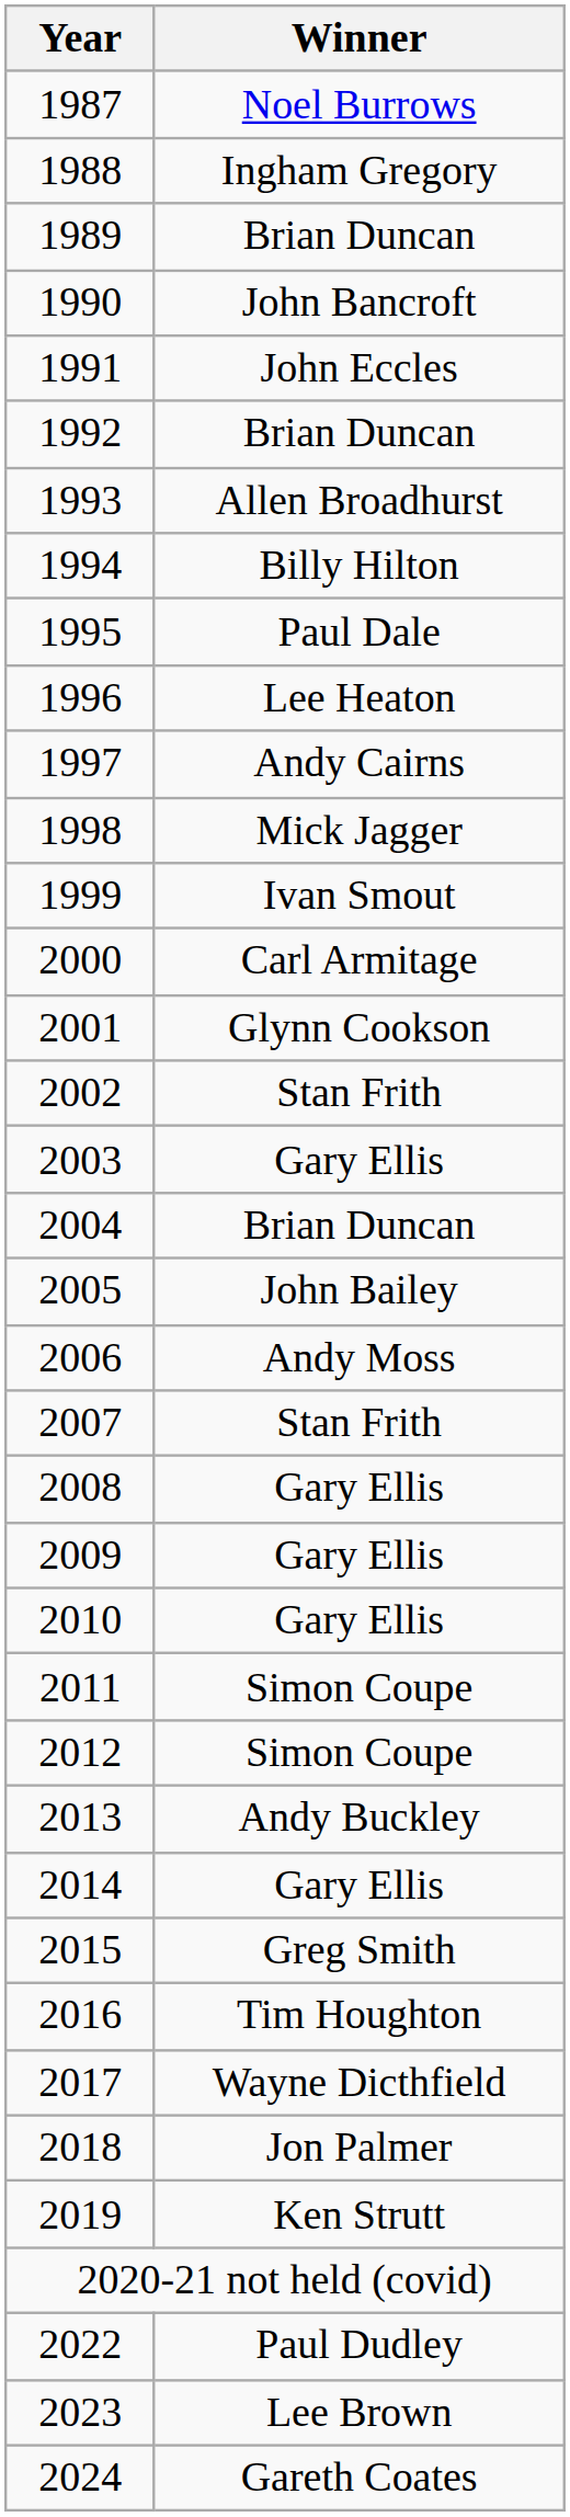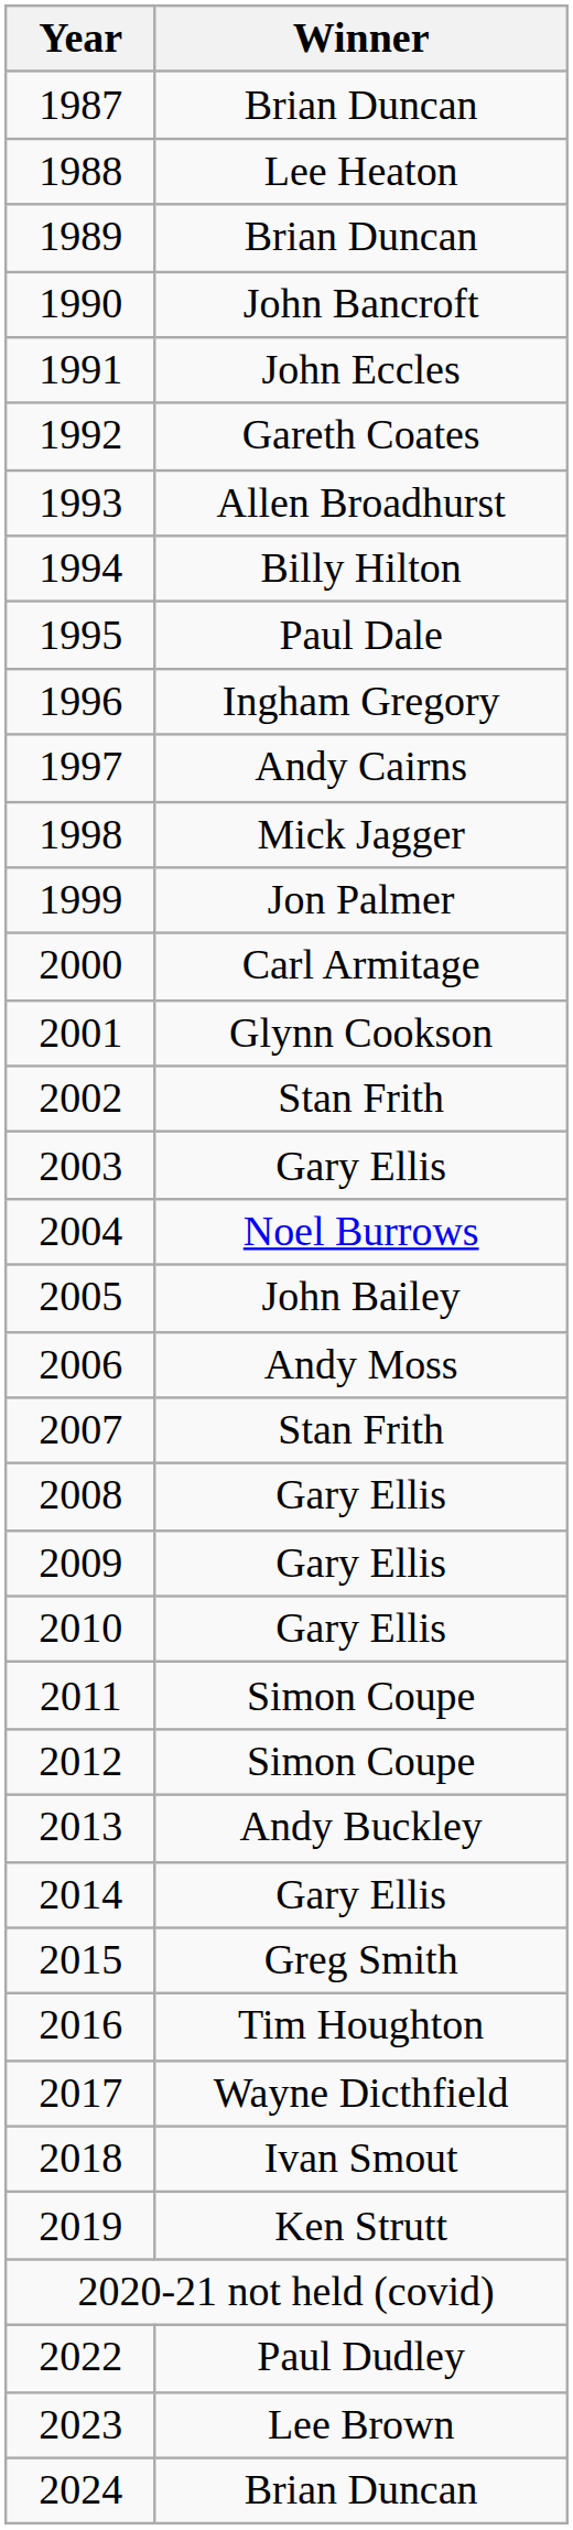 <table class="wikitable" style="text-align:center">
 <tr>
 <th width=50>Year</th>
 <th width=150>Winner</th>
 </tr>
 <tr>
 <td>1987</td>
-<td><a href='#'>Noel Burrows</a></td>
+<td>Brian Duncan</td>
 </tr>
 <tr>
 <td>1988</td>
-<td>Ingham Gregory</td>
+<td>Lee Heaton</td>
 </tr>
 <tr>
 <td>1989</td>
 <td>Brian Duncan</td>
 </tr>
 <tr>
 <td>1990</td>
 <td>John Bancroft</td>
 </tr>
 <tr>
 <td>1991</td>
 <td>John Eccles</td>
 </tr>
 <tr>
 <td>1992</td>
-<td>Brian Duncan</td>
+<td>Gareth Coates</td>
 </tr>
 <tr>
 <td>1993</td>
 <td>Allen Broadhurst</td>
 </tr>
 <tr>
 <td>1994</td>
 <td>Billy Hilton</td>
 </tr>
 <tr>
 <td>1995</td>
 <td>Paul Dale</td>
 </tr>
 <tr>
 <td>1996</td>
-<td>Lee Heaton</td>
+<td>Ingham Gregory</td>
 </tr>
 <tr>
 <td>1997</td>
 <td>Andy Cairns</td>
 </tr>
 <tr>
 <td>1998</td>
 <td>Mick Jagger</td>
 </tr>
 <tr>
 <td>1999</td>
-<td>Ivan Smout</td>
+<td>Jon Palmer</td>
 </tr>
 <tr>
 <td>2000</td>
 <td>Carl Armitage</td>
 </tr>
 <tr>
 <td>2001</td>
 <td>Glynn Cookson</td>
 </tr>
 <tr>
 <td>2002</td>
 <td>Stan Frith</td>
 </tr>
 <tr>
 <td>2003</td>
 <td>Gary Ellis</td>
 </tr>
 <tr>
 <td>2004</td>
-<td>Brian Duncan</td>
+<td><a href='#'>Noel Burrows</a></td>
 </tr>
 <tr>
 <td>2005</td>
 <td>John Bailey</td>
 </tr>
 <tr>
 <td>2006</td>
 <td>Andy Moss</td>
 </tr>
 <tr>
 <td>2007</td>
 <td>Stan Frith</td>
 </tr>
 <tr>
 <td>2008</td>
 <td>Gary Ellis</td>
 </tr>
 <tr>
 <td>2009</td>
 <td>Gary Ellis</td>
 </tr>
 <tr>
 <td>2010</td>
 <td>Gary Ellis</td>
 </tr>
 <tr>
 <td>2011</td>
 <td>Simon Coupe</td>
 </tr>
 <tr>
 <td>2012</td>
 <td>Simon Coupe</td>
 </tr>
 <tr>
 <td>2013</td>
 <td>Andy Buckley</td>
 </tr>
 <tr>
 <td>2014</td>
 <td>Gary Ellis</td>
 </tr>
 <tr>
 <td>2015</td>
 <td>Greg Smith</td>
 </tr>
 <tr>
 <td>2016</td>
 <td>Tim Houghton</td>
 </tr>
 <tr>
 <td>2017</td>
 <td>Wayne Dicthfield</td>
 </tr>
 <tr>
 <td>2018</td>
-<td>Jon Palmer</td>
+<td>Ivan Smout</td>
 </tr>
 <tr>
 <td>2019</td>
 <td>Ken Strutt</td>
 </tr>
 <tr>
 <td colspan=2>2020-21 not held (covid)</td>
 </tr>
 <tr>
 <td>2022</td>
 <td>Paul Dudley</td>
 </tr>
 <tr>
 <td>2023</td>
 <td>Lee Brown</td>
 </tr>
 <tr>
 <td>2024</td>
-<td>Gareth Coates</td>
+<td>Brian Duncan</td>
 </tr>
 </table>
